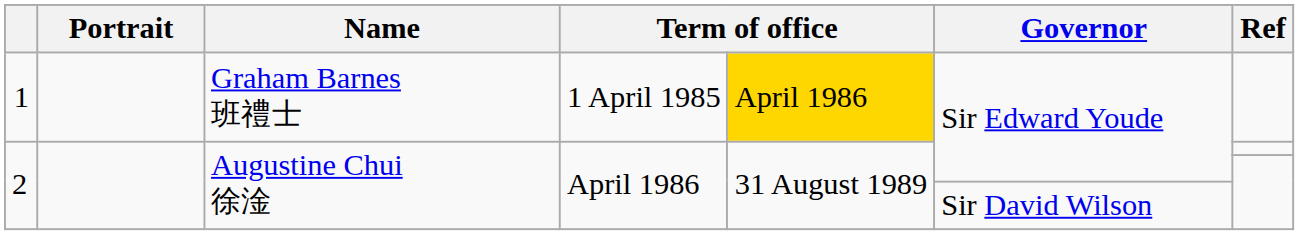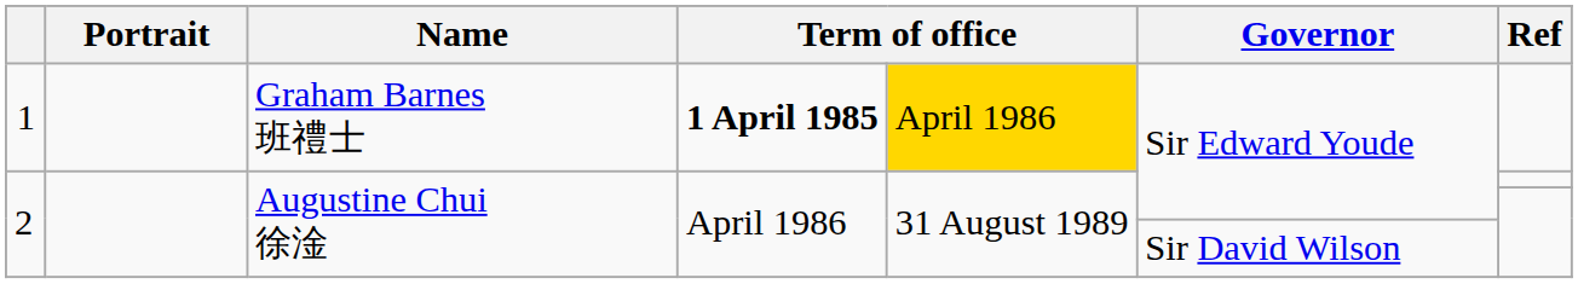 <table class="wikitable"  style="text-align:left">
 <tr>
 <th width=10px></th>
 <th width=80px>Portrait</th>
 <th width=180px>Name</th>
 <th width=180px colspan=2>Term of office</th>
 <th width=150px><a href='#'>Governor</a></th>
 <th>Ref</th>
 </tr>
 <tr>
 <td align=center>1</td>
 <td></td>
 <td><a href='#'>Graham Barnes</a><br>班禮士</td>
-<td>1 April 1985</td>
+<td><strong>1 April 1985</strong></td>
 <td style="background: gold;">April 1986</td>
 <td rowspan="3">Sir <a href='#'>Edward Youde</a><br></td>
 <td></td>
 </tr>
 <tr>
 <td rowspan="3">2</td>
 <td rowspan="3"></td>
 <td rowspan="3"><a href='#'>Augustine Chui</a><br>徐淦</td>
 <td rowspan="3">April 1986</td>
 <td rowspan="3">31 August 1989</td>
 <td></td>
 </tr>
 <tr>
 <td rowspan="2"></td>
 </tr>
 <tr>
 <td rowspan=2>Sir <a href='#'>David Wilson</a><br></td>
 </tr>
 </table>
